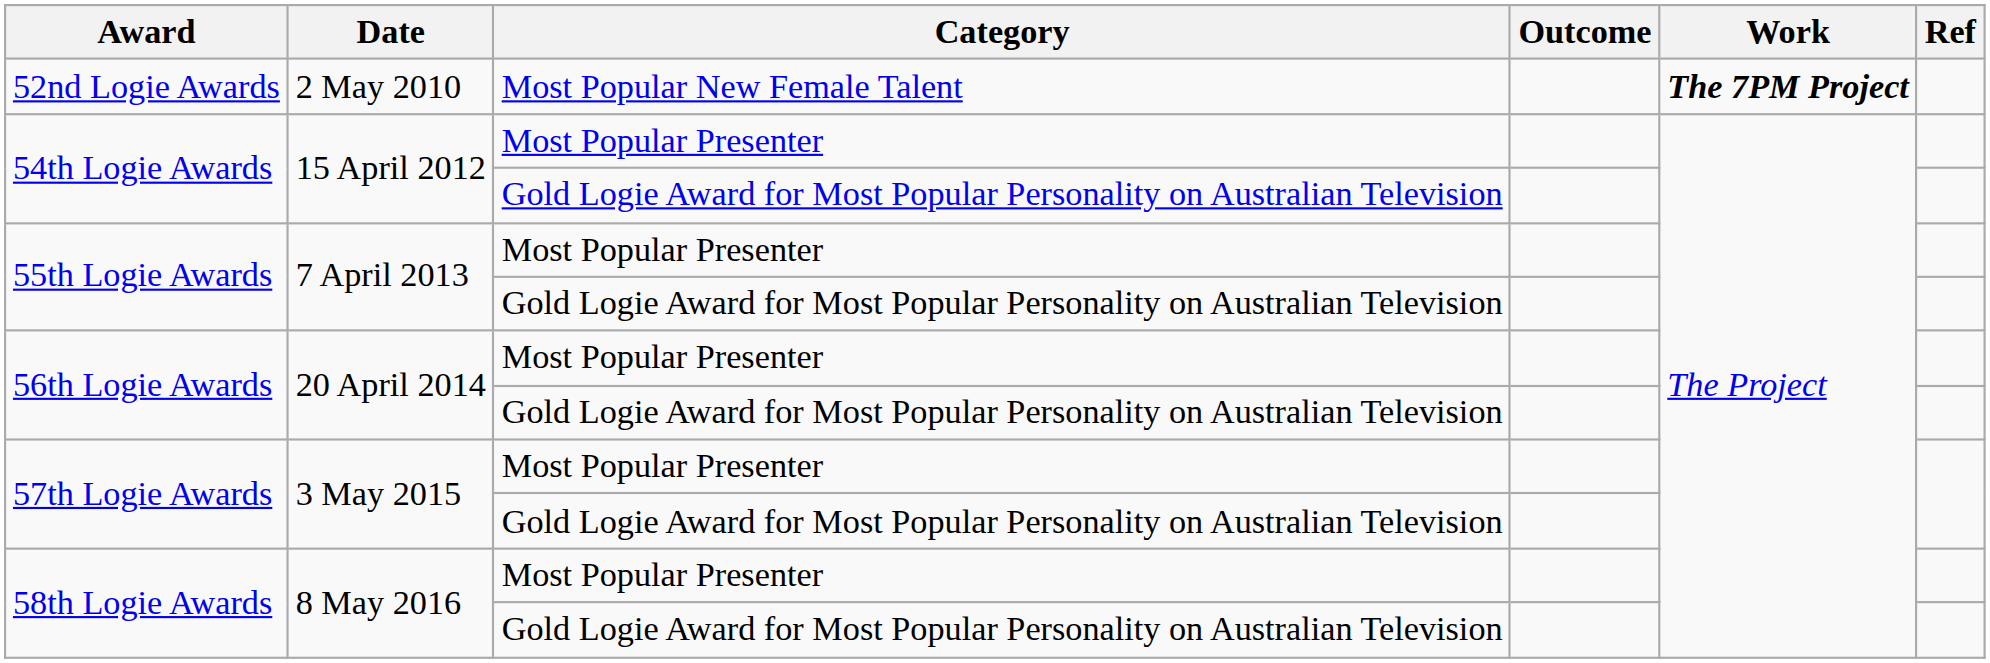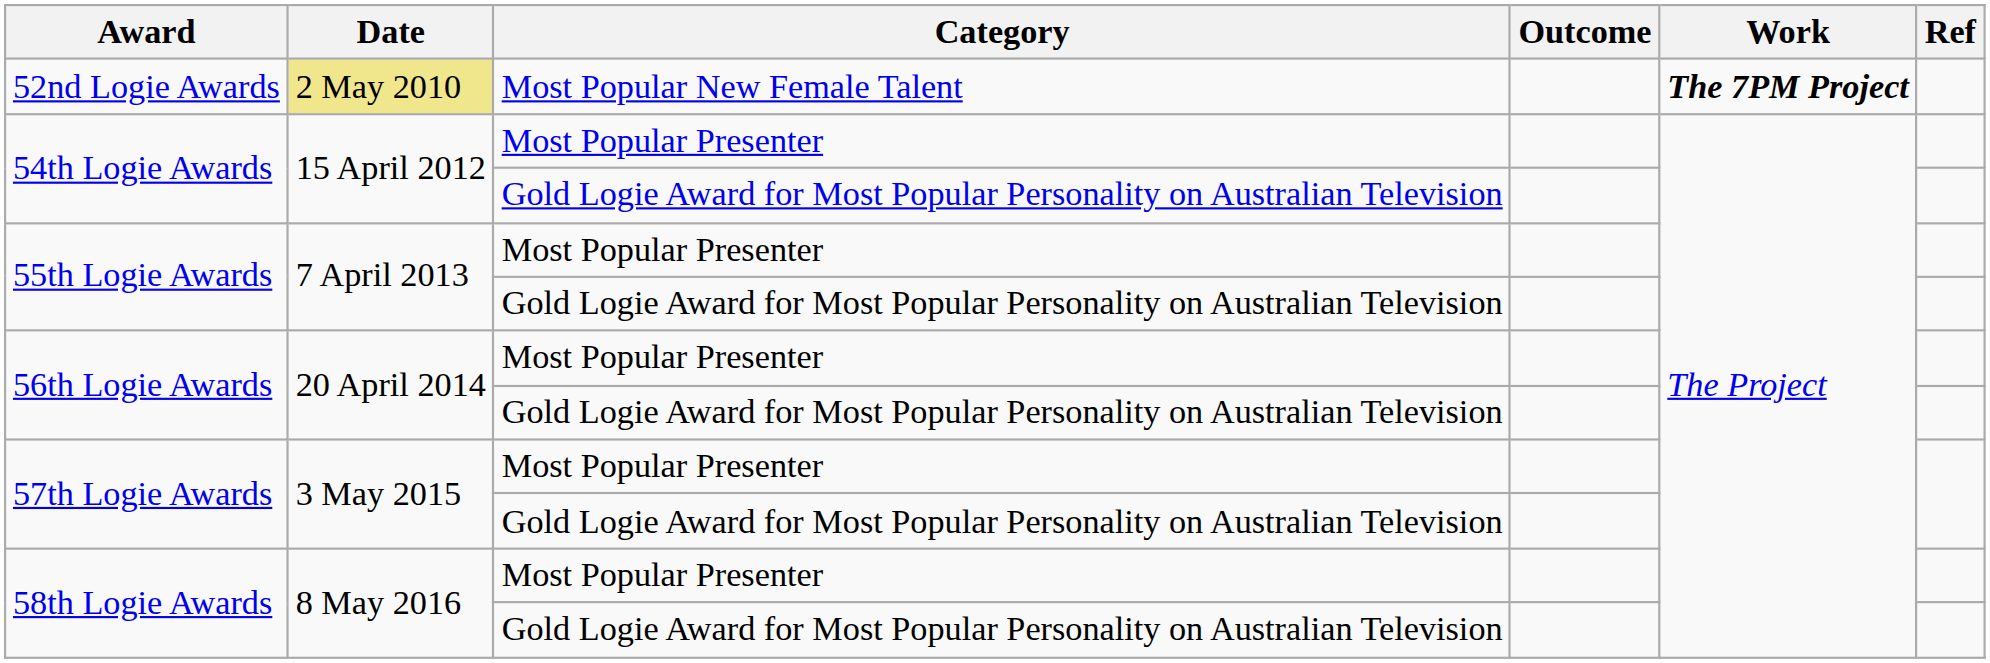 <table class="wikitable">
 <tr>
 <th>Award</th>
 <th>Date</th>
 <th>Category</th>
 <th>Outcome</th>
 <th>Work</th>
 <th>Ref</th>
 </tr>
 <tr>
 <td><a href='#'>52nd Logie Awards</a></td>
-<td>2 May 2010</td>
+<td style="background: khaki;">2 May 2010</td>
 <td><a href='#'>Most Popular New Female Talent</a></td>
 <td></td>
 <td><strong><em>The 7PM Project</em></strong></td>
 <td></td>
 </tr>
 <tr>
 <td rowspan="2"><a href='#'>54th Logie Awards</a></td>
 <td rowspan="2">15 April 2012</td>
 <td><a href='#'>Most Popular Presenter</a></td>
 <td></td>
 <td rowspan="10"><em><a href='#'>The Project</a></em></td>
 <td></td>
 </tr>
 <tr>
 <td><a href='#'>Gold Logie Award for Most Popular Personality on Australian Television</a></td>
 <td></td>
 <td></td>
 </tr>
 <tr>
 <td rowspan="2"><a href='#'>55th Logie Awards</a></td>
 <td rowspan="2">7 April 2013</td>
 <td>Most Popular Presenter</td>
 <td></td>
 <td></td>
 </tr>
 <tr>
 <td>Gold Logie Award for Most Popular Personality on Australian Television</td>
 <td></td>
 <td></td>
 </tr>
 <tr>
 <td rowspan="2"><a href='#'>56th Logie Awards</a></td>
 <td rowspan="2">20 April 2014</td>
 <td>Most Popular Presenter</td>
 <td></td>
 <td></td>
 </tr>
 <tr>
 <td>Gold Logie Award for Most Popular Personality on Australian Television</td>
 <td></td>
 <td></td>
 </tr>
 <tr>
 <td rowspan="2"><a href='#'>57th Logie Awards</a></td>
 <td rowspan="2">3 May 2015</td>
 <td>Most Popular Presenter</td>
 <td></td>
 <td rowspan="2"></td>
 </tr>
 <tr>
 <td>Gold Logie Award for Most Popular Personality on Australian Television</td>
 <td></td>
 </tr>
 <tr>
 <td rowspan="2"><a href='#'>58th Logie Awards</a></td>
 <td rowspan="2">8 May 2016</td>
 <td>Most Popular Presenter</td>
 <td></td>
 <td></td>
 </tr>
 <tr>
 <td>Gold Logie Award for Most Popular Personality on Australian Television</td>
 <td></td>
 <td></td>
 </tr>
 </table>
